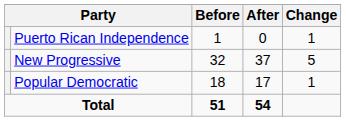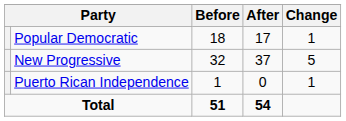 <table class="wikitable" style="text-align:center;">
 <tr>
 </tr>
 <tr>
 <th colspan=2>Party</th>
 <th>Before</th>
 <th>After</th>
 <th>Change</th>
 </tr>
 <tr>
 <th style="background-color:"></th>
-<td style="text-align:left;"><a href='#'>Puerto Rican Independence</a></td>
-<td>1</td>
-<td>0</td>
+<td style="text-align:left;"><a href='#'>Popular Democratic</a></td>
+<td>18</td>
+<td>17</td>
 <td> 1</td>
 </tr>
 <tr>
 <th style="background-color:"></th>
 <td style="text-align:left;"><a href='#'>New Progressive</a></td>
 <td>32</td>
 <td>37</td>
 <td> 5</td>
 </tr>
 <tr>
 <th style="background-color:"></th>
-<td style="text-align:left;"><a href='#'>Popular Democratic</a></td>
-<td>18</td>
-<td>17</td>
+<td style="text-align:left;"><a href='#'>Puerto Rican Independence</a></td>
+<td>1</td>
+<td>0</td>
 <td> 1</td>
 </tr>
 <tr>
 <td colspan=2><strong>Total</strong></td>
 <td><strong>51</strong></td>
 <td><strong>54</strong></td>
 <td></td>
 </tr>
 </table>
